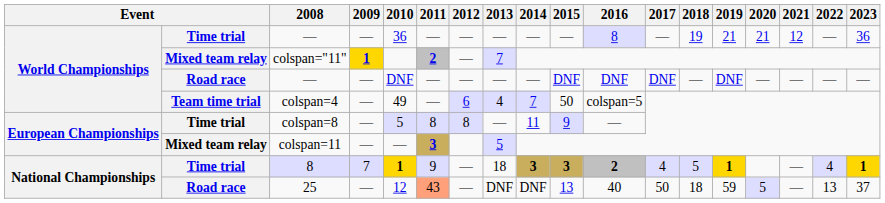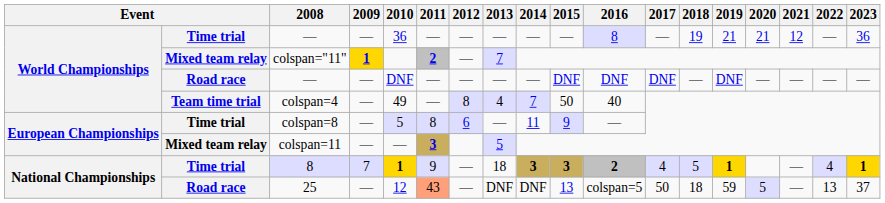 <table class="wikitable plainrowheaders">
 <tr>
 <th scope="col" colspan=2>Event</th>
 <th scope="col">2008</th>
 <th scope="col">2009</th>
 <th scope="col">2010</th>
 <th scope="col">2011</th>
 <th scope="col">2012</th>
 <th scope="col">2013</th>
 <th scope="col">2014</th>
 <th scope="col">2015</th>
 <th scope="col">2016</th>
 <th scope="col">2017</th>
 <th scope="col">2018</th>
 <th scope="col">2019</th>
 <th scope="col">2020</th>
 <th scope="col">2021</th>
 <th scope="col">2022</th>
 <th scope="col">2023</th>
 </tr>
 <tr style="text-align:center;">
 <th scope="row" rowspan=4> <a href='#'>World Championships</a></th>
 <th scope="row"><a href='#'>Time trial</a></th>
 <td>—</td>
 <td>—</td>
 <td><a href='#'>36</a></td>
 <td>—</td>
 <td>—</td>
 <td>—</td>
 <td>—</td>
 <td>—</td>
 <td style="background:#ddf;"><a href='#'>8</a></td>
 <td>—</td>
 <td><a href='#'>19</a></td>
 <td><a href='#'>21</a></td>
 <td><a href='#'>21</a></td>
 <td><a href='#'>12</a></td>
 <td>—</td>
 <td><a href='#'>36</a></td>
 </tr>
 <tr style="text-align:center;">
 <th scope="row"><a href='#'>Mixed team relay</a></th>
 <td>colspan="11" </td>
 <th style="background:gold;"><a href='#'>1</a></th>
 <td></td>
 <th style="background:silver;"><a href='#'>2</a></th>
 <td>—</td>
 <td style="background:#ddf;"><a href='#'>7</a></td>
 </tr>
 <tr style="text-align:center;">
 <th scope="row"><a href='#'>Road race</a></th>
 <td>—</td>
 <td>—</td>
 <td><a href='#'>DNF</a></td>
 <td>—</td>
 <td>—</td>
 <td>—</td>
 <td>—</td>
 <td><a href='#'>DNF</a></td>
 <td><a href='#'>DNF</a></td>
 <td><a href='#'>DNF</a></td>
 <td>—</td>
 <td><a href='#'>DNF</a></td>
 <td>—</td>
 <td>—</td>
 <td>—</td>
 <td>—</td>
 </tr>
 <tr style="text-align:center;">
 <th scope="row"><a href='#'>Team time trial</a></th>
 <td>colspan=4 </td>
 <td>—</td>
 <td>49</td>
 <td>—</td>
-<td style="background:#ddf;"><a href='#'>6</a></td>
+<td style="background:#ddf;">8</td>
 <td style="background:#ddf;">4</td>
 <td style="background:#ddf;"><a href='#'>7</a></td>
 <td>50</td>
-<td>colspan=5 </td>
+<td>40</td>
 </tr>
 <tr style="text-align:center;">
 <th scope="row" rowspan=2> <a href='#'>European Championships</a></th>
 <th scope="row">Time trial</th>
 <td>colspan=8 </td>
 <td>—</td>
 <td style="background:#ddf;">5</td>
 <td style="background:#ddf;">8</td>
-<td style="background:#ddf;">8</td>
+<td style="background:#ddf;"><a href='#'>6</a></td>
 <td>—</td>
 <td><a href='#'>11</a></td>
 <td style="background:#ddf;"><a href='#'>9</a></td>
 <td>—</td>
 </tr>
 <tr style="text-align:center;">
 <th scope="row">Mixed team relay</th>
 <td>colspan=11 </td>
 <td>—</td>
 <td>—</td>
 <th style="background:#C9AE5D;"><a href='#'>3</a></th>
 <td></td>
 <td style="background:#ddf;"><a href='#'>5</a></td>
 </tr>
 <tr style="text-align:center;">
 <th scope="row" rowspan=2> National Championships</th>
 <th scope="row"><a href='#'>Time trial</a></th>
 <td style="background:#ddf;">8</td>
 <td style="background:#ddf;">7</td>
 <th style="background:gold;">1</th>
 <td style="background:#ddf;">9</td>
 <td>—</td>
 <td>18</td>
 <th style="background:#C9AE5D;">3</th>
 <th style="background:#C9AE5D;">3</th>
 <th style="background:silver;">2</th>
 <td style="background:#ddf;">4</td>
 <td style="background:#ddf;">5</td>
 <th style="background:gold;">1</th>
 <td></td>
 <td>—</td>
 <td style="background:#ddf;">4</td>
 <th style="background:gold;">1</th>
 </tr>
 <tr style="text-align:center;">
 <th scope="row"><a href='#'>Road race</a></th>
 <td>25</td>
 <td>—</td>
 <td><a href='#'>12</a></td>
 <td style="background: lightsalmon;">43</td>
 <td>—</td>
 <td>DNF</td>
 <td>DNF</td>
 <td><a href='#'>13</a></td>
-<td>40</td>
+<td>colspan=5 </td>
 <td>50</td>
 <td>18</td>
 <td>59</td>
 <td style="background:#ddf;">5</td>
 <td>—</td>
 <td>13</td>
 <td>37</td>
 </tr>
 </table>
